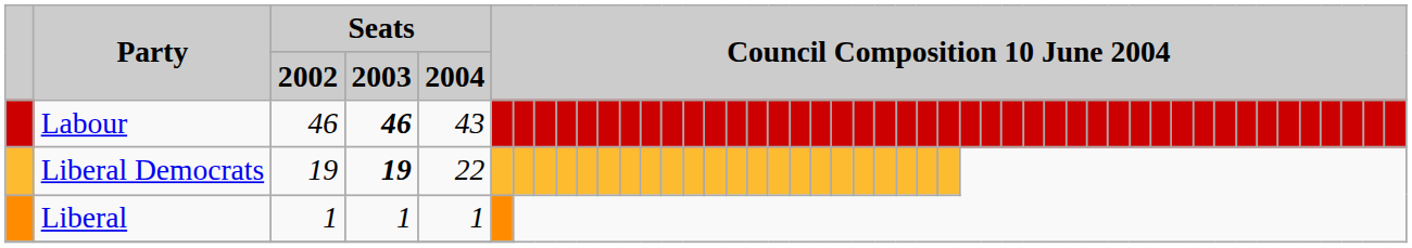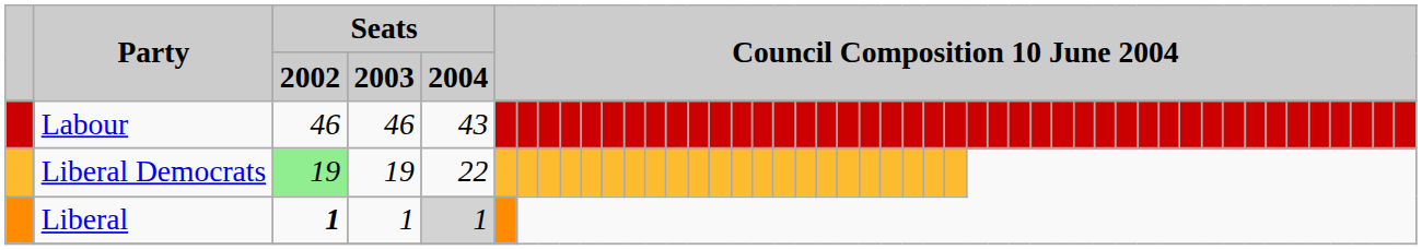 <table class="wikitable">
 <tr>
 <th style="background:#ccc" rowspan="2">  </th>
 <th style="background:#ccc" rowspan="2">Party</th>
 <th style="background:#ccc" colspan="3">Seats</th>
 <th style="background:#ccc" colspan="66" rowspan="2">Council Composition 10 June 2004</th>
 </tr>
 <tr>
 <th style="background:#ccc">2002</th>
 <th style="background:#ccc">2003</th>
 <th style="background:#ccc">2004</th>
 </tr>
 <tr>
 <td style="background:#c00"> </td>
 <td><a href='#'>Labour</a></td>
 <td style="text-align: right"><em>46</em></td>
-<td style="text-align: right"><strong><em>46</em></strong></td>
+<td style="text-align: right"><em>46</em></td>
 <td style="text-align: right"><em>43</em></td>
 <td style="background:#c00"> </td>
 <td style="background:#c00"> </td>
 <td style="background:#c00"> </td>
 <td style="background:#c00"> </td>
 <td style="background:#c00"> </td>
 <td style="background:#c00"> </td>
 <td style="background:#c00"> </td>
 <td style="background:#c00"> </td>
 <td style="background:#c00"> </td>
 <td style="background:#c00"> </td>
 <td style="background:#c00"> </td>
 <td style="background:#c00"> </td>
 <td style="background:#c00"> </td>
 <td style="background:#c00"> </td>
 <td style="background:#c00"> </td>
 <td style="background:#c00"> </td>
 <td style="background:#c00"> </td>
 <td style="background:#c00"> </td>
 <td style="background:#c00"> </td>
 <td style="background:#c00"> </td>
 <td style="background:#c00"> </td>
 <td style="background:#c00"> </td>
 <td style="background:#c00"> </td>
 <td style="background:#c00"> </td>
 <td style="background:#c00"> </td>
 <td style="background:#c00"> </td>
 <td style="background:#c00"> </td>
 <td style="background:#c00"> </td>
 <td style="background:#c00"> </td>
 <td style="background:#c00"> </td>
 <td style="background:#c00"> </td>
 <td style="background:#c00"> </td>
 <td style="background:#c00"> </td>
 <td style="background:#c00"> </td>
 <td style="background:#c00"> </td>
 <td style="background:#c00"> </td>
 <td style="background:#c00"> </td>
 <td style="background:#c00"> </td>
 <td style="background:#c00"> </td>
 <td style="background:#c00"> </td>
 <td style="background:#c00"> </td>
 <td style="background:#c00"> </td>
 <td style="background:#c00"> </td>
 </tr>
 <tr>
 <td style="background:#FDBB30"> </td>
 <td><a href='#'>Liberal Democrats</a></td>
+<td style="background: lightgreen; text-align: right"><em>19</em></td>
 <td style="text-align: right"><em>19</em></td>
-<td style="text-align: right"><strong><em>19</em></strong></td>
 <td style="text-align: right"><em>22</em></td>
 <td style="background:#FDBB30"> </td>
 <td style="background:#FDBB30"> </td>
 <td style="background:#FDBB30"> </td>
 <td style="background:#FDBB30"> </td>
 <td style="background:#FDBB30"> </td>
 <td style="background:#FDBB30"> </td>
 <td style="background:#FDBB30"> </td>
 <td style="background:#FDBB30"> </td>
 <td style="background:#FDBB30"> </td>
 <td style="background:#FDBB30"> </td>
 <td style="background:#FDBB30"> </td>
 <td style="background:#FDBB30"> </td>
 <td style="background:#FDBB30"> </td>
 <td style="background:#FDBB30"> </td>
 <td style="background:#FDBB30"> </td>
 <td style="background:#FDBB30"> </td>
 <td style="background:#FDBB30"> </td>
 <td style="background:#FDBB30"> </td>
 <td style="background:#FDBB30"> </td>
 <td style="background:#FDBB30"> </td>
 <td style="background:#FDBB30"> </td>
 <td style="background:#FDBB30"> </td>
 </tr>
 <tr>
 <td style="background:darkorange"> </td>
 <td><a href='#'>Liberal</a></td>
+<td style="text-align: right"><strong><em>1</em></strong></td>
 <td style="text-align: right"><em>1</em></td>
-<td style="text-align: right"><em>1</em></td>
-<td style="text-align: right"><em>1</em></td>
+<td style="background: lightgrey; text-align: right"><em>1</em></td>
 <td style="background:darkorange"> </td>
 </tr>
 <tr>
 </tr>
 </table>
